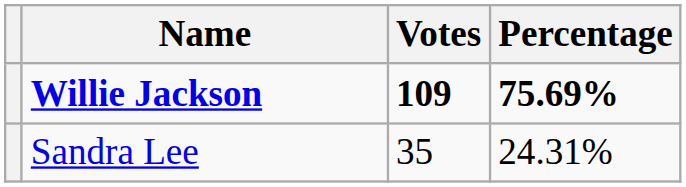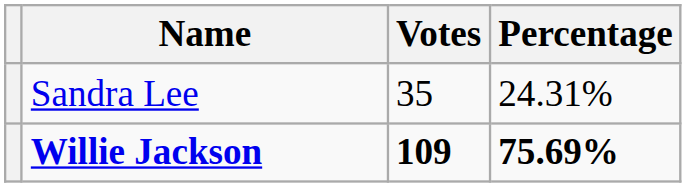 <table class="wikitable">
 <tr>
 <th></th>
 <th>Name</th>
 <th>Votes</th>
 <th>Percentage</th>
 </tr>
 <tr>
 <th style="background-color: "></th>
+<td><a href='#'>Sandra Lee</a></td>
+<td>35</td>
+<td>24.31%</td>
+</tr>
+<tr>
+<th style="background-color: "></th>
 <td width="150"><strong><a href='#'>Willie Jackson</a></strong></td>
 <td><strong>109</strong></td>
 <td><strong>75.69%</strong></td>
 </tr>
-<tr>
-<th style="background-color: "></th>
-<td><a href='#'>Sandra Lee</a></td>
-<td>35</td>
-<td>24.31%</td>
-</tr>
 </table>
